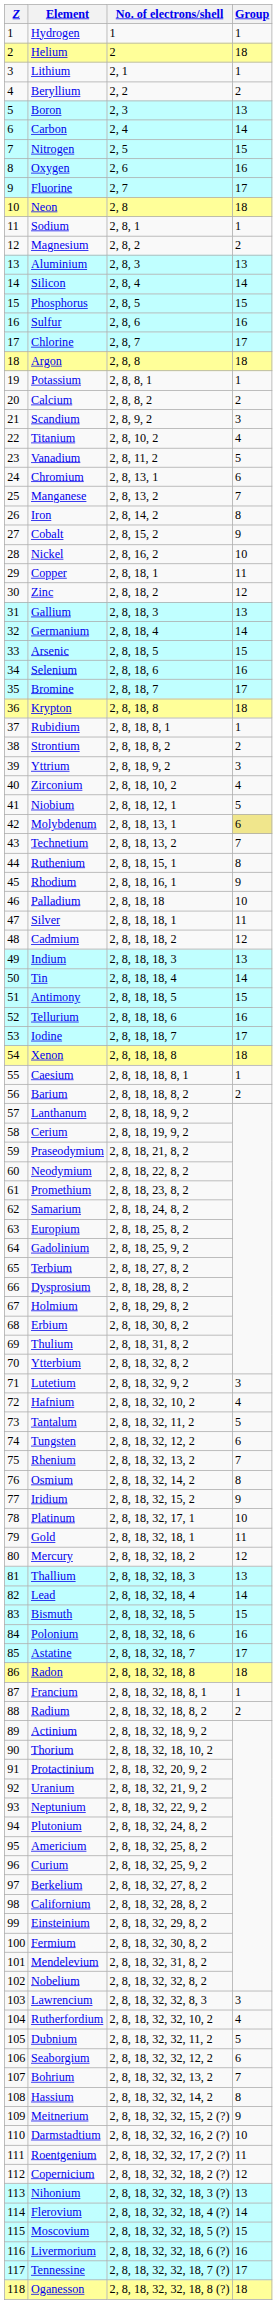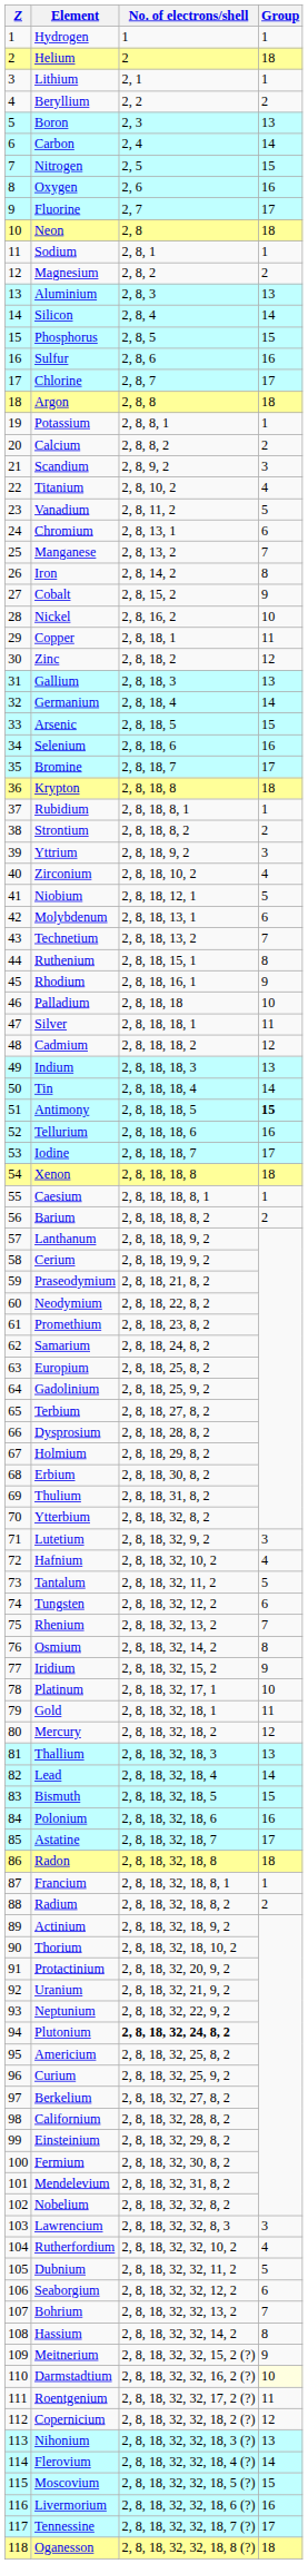 <table class="wikitable sortable">
 <tr>
 <th><a href='#'><em>Z</em></a></th>
 <th><a href='#'>Element</a></th>
 <th><a href='#'>No. of electrons/shell</a></th>
 <th><a href='#'>Group</a></th>
 </tr>
 <tr>
 <td>1</td>
 <td><a href='#'>Hydrogen</a></td>
 <td>1</td>
 <td>1</td>
 </tr>
 <tr style="background:#ff9;">
 <td>2</td>
 <td><a href='#'>Helium</a></td>
 <td>2</td>
 <td>18</td>
 </tr>
 <tr>
 <td>3</td>
 <td><a href='#'>Lithium</a></td>
 <td>2, 1</td>
 <td>1</td>
 </tr>
 <tr>
 <td>4</td>
 <td><a href='#'>Beryllium</a></td>
 <td>2, 2</td>
 <td>2</td>
 </tr>
 <tr style="background:#c0ffff;">
 <td>5</td>
 <td><a href='#'>Boron</a></td>
 <td>2, 3</td>
 <td>13</td>
 </tr>
 <tr style="background:#c0ffff;">
 <td>6</td>
 <td><a href='#'>Carbon</a></td>
 <td>2, 4</td>
 <td>14</td>
 </tr>
 <tr style="background:#c0ffff;">
 <td>7</td>
 <td><a href='#'>Nitrogen</a></td>
 <td>2, 5</td>
 <td>15</td>
 </tr>
 <tr style="background:#c0ffff;">
 <td>8</td>
 <td><a href='#'>Oxygen</a></td>
 <td>2, 6</td>
 <td>16</td>
 </tr>
 <tr style="background:#c0ffff;">
 <td>9</td>
 <td><a href='#'>Fluorine</a></td>
 <td>2, 7</td>
 <td>17</td>
 </tr>
 <tr style="background:#ff9;">
 <td>10</td>
 <td><a href='#'>Neon</a></td>
 <td>2, 8</td>
 <td>18</td>
 </tr>
 <tr>
 <td>11</td>
 <td><a href='#'>Sodium</a></td>
 <td>2, 8, 1</td>
 <td>1</td>
 </tr>
 <tr>
 <td>12</td>
 <td><a href='#'>Magnesium</a></td>
 <td>2, 8, 2</td>
 <td>2</td>
 </tr>
 <tr style="background:#c0ffff;">
 <td>13</td>
 <td><a href='#'>Aluminium</a></td>
 <td>2, 8, 3</td>
 <td>13</td>
 </tr>
 <tr style="background:#c0ffff;">
 <td>14</td>
 <td><a href='#'>Silicon</a></td>
 <td>2, 8, 4</td>
 <td>14</td>
 </tr>
 <tr style="background:#c0ffff;">
 <td>15</td>
 <td><a href='#'>Phosphorus</a></td>
 <td>2, 8, 5</td>
 <td>15</td>
 </tr>
 <tr style="background:#c0ffff;">
 <td>16</td>
 <td><a href='#'>Sulfur</a></td>
 <td>2, 8, 6</td>
 <td>16</td>
 </tr>
 <tr style="background:#c0ffff;">
 <td>17</td>
 <td><a href='#'>Chlorine</a></td>
 <td>2, 8, 7</td>
 <td>17</td>
 </tr>
 <tr style="background:#ff9;">
 <td>18</td>
 <td><a href='#'>Argon</a></td>
 <td>2, 8, 8</td>
 <td>18</td>
 </tr>
 <tr>
 <td>19</td>
 <td><a href='#'>Potassium</a></td>
 <td>2, 8, 8, 1</td>
 <td>1</td>
 </tr>
 <tr>
 <td>20</td>
 <td><a href='#'>Calcium</a></td>
 <td>2, 8, 8, 2</td>
 <td>2</td>
 </tr>
 <tr>
 <td>21</td>
 <td><a href='#'>Scandium</a></td>
 <td>2, 8, 9, 2</td>
 <td>3</td>
 </tr>
 <tr>
 <td>22</td>
 <td><a href='#'>Titanium</a></td>
 <td>2, 8, 10, 2</td>
 <td>4</td>
 </tr>
 <tr>
 <td>23</td>
 <td><a href='#'>Vanadium</a></td>
 <td>2, 8, 11, 2</td>
 <td>5</td>
 </tr>
 <tr>
 <td>24</td>
 <td><a href='#'>Chromium</a></td>
 <td>2, 8, 13, 1</td>
 <td>6</td>
 </tr>
 <tr>
 <td>25</td>
 <td><a href='#'>Manganese</a></td>
 <td>2, 8, 13, 2</td>
 <td>7</td>
 </tr>
 <tr>
 <td>26</td>
 <td><a href='#'>Iron</a></td>
 <td>2, 8, 14, 2</td>
 <td>8</td>
 </tr>
 <tr>
 <td>27</td>
 <td><a href='#'>Cobalt</a></td>
 <td>2, 8, 15, 2</td>
 <td>9</td>
 </tr>
 <tr>
 <td>28</td>
 <td><a href='#'>Nickel</a></td>
 <td>2, 8, 16, 2</td>
 <td>10</td>
 </tr>
 <tr>
 <td>29</td>
 <td><a href='#'>Copper</a></td>
 <td>2, 8, 18, 1</td>
 <td>11</td>
 </tr>
 <tr>
 <td>30</td>
 <td><a href='#'>Zinc</a></td>
 <td>2, 8, 18, 2</td>
 <td>12</td>
 </tr>
 <tr style="background:#c0ffff;">
 <td>31</td>
 <td><a href='#'>Gallium</a></td>
 <td>2, 8, 18, 3</td>
 <td>13</td>
 </tr>
 <tr style="background:#c0ffff;">
 <td>32</td>
 <td><a href='#'>Germanium</a></td>
 <td>2, 8, 18, 4</td>
 <td>14</td>
 </tr>
 <tr style="background:#c0ffff;">
 <td>33</td>
 <td><a href='#'>Arsenic</a></td>
 <td>2, 8, 18, 5</td>
 <td>15</td>
 </tr>
 <tr style="background:#c0ffff;">
 <td>34</td>
 <td><a href='#'>Selenium</a></td>
 <td>2, 8, 18, 6</td>
 <td>16</td>
 </tr>
 <tr style="background:#c0ffff;">
 <td>35</td>
 <td><a href='#'>Bromine</a></td>
 <td>2, 8, 18, 7</td>
 <td>17</td>
 </tr>
 <tr style="background:#ff9;">
 <td>36</td>
 <td><a href='#'>Krypton</a></td>
 <td>2, 8, 18, 8</td>
 <td>18</td>
 </tr>
 <tr>
 <td>37</td>
 <td><a href='#'>Rubidium</a></td>
 <td>2, 8, 18, 8, 1</td>
 <td>1</td>
 </tr>
 <tr>
 <td>38</td>
 <td><a href='#'>Strontium</a></td>
 <td>2, 8, 18, 8, 2</td>
 <td>2</td>
 </tr>
 <tr>
 <td>39</td>
 <td><a href='#'>Yttrium</a></td>
 <td>2, 8, 18, 9, 2</td>
 <td>3</td>
 </tr>
 <tr>
 <td>40</td>
 <td><a href='#'>Zirconium</a></td>
 <td>2, 8, 18, 10, 2</td>
 <td>4</td>
 </tr>
 <tr>
 <td>41</td>
 <td><a href='#'>Niobium</a></td>
 <td>2, 8, 18, 12, 1</td>
 <td>5</td>
 </tr>
 <tr>
 <td>42</td>
 <td><a href='#'>Molybdenum</a></td>
 <td>2, 8, 18, 13, 1</td>
-<td style="background: khaki;">6</td>
+<td>6</td>
 </tr>
 <tr>
 <td>43</td>
 <td><a href='#'>Technetium</a></td>
 <td>2, 8, 18, 13, 2</td>
 <td>7</td>
 </tr>
 <tr>
 <td>44</td>
 <td><a href='#'>Ruthenium</a></td>
 <td>2, 8, 18, 15, 1</td>
 <td>8</td>
 </tr>
 <tr>
 <td>45</td>
 <td><a href='#'>Rhodium</a></td>
 <td>2, 8, 18, 16, 1</td>
 <td>9</td>
 </tr>
 <tr>
 <td>46</td>
 <td><a href='#'>Palladium</a></td>
 <td>2, 8, 18, 18</td>
 <td>10</td>
 </tr>
 <tr>
 <td>47</td>
 <td><a href='#'>Silver</a></td>
 <td>2, 8, 18, 18, 1</td>
 <td>11</td>
 </tr>
 <tr>
 <td>48</td>
 <td><a href='#'>Cadmium</a></td>
 <td>2, 8, 18, 18, 2</td>
 <td>12</td>
 </tr>
 <tr style="background:#c0ffff;">
 <td>49</td>
 <td><a href='#'>Indium</a></td>
 <td>2, 8, 18, 18, 3</td>
 <td>13</td>
 </tr>
 <tr style="background:#c0ffff;">
 <td>50</td>
 <td><a href='#'>Tin</a></td>
 <td>2, 8, 18, 18, 4</td>
 <td>14</td>
 </tr>
 <tr style="background:#c0ffff;">
 <td>51</td>
 <td><a href='#'>Antimony</a></td>
 <td>2, 8, 18, 18, 5</td>
-<td>15</td>
+<td><strong>15</strong></td>
 </tr>
 <tr style="background:#c0ffff;">
 <td>52</td>
 <td><a href='#'>Tellurium</a></td>
 <td>2, 8, 18, 18, 6</td>
 <td>16</td>
 </tr>
 <tr style="background:#c0ffff;">
 <td>53</td>
 <td><a href='#'>Iodine</a></td>
 <td>2, 8, 18, 18, 7</td>
 <td>17</td>
 </tr>
 <tr style="background:#ff9;">
 <td>54</td>
 <td><a href='#'>Xenon</a></td>
 <td>2, 8, 18, 18, 8</td>
 <td>18</td>
 </tr>
 <tr>
 <td>55</td>
 <td><a href='#'>Caesium</a></td>
 <td>2, 8, 18, 18, 8, 1</td>
 <td>1</td>
 </tr>
 <tr>
 <td>56</td>
 <td><a href='#'>Barium</a></td>
 <td>2, 8, 18, 18, 8, 2</td>
 <td>2</td>
 </tr>
 <tr>
 <td>57</td>
 <td><a href='#'>Lanthanum</a></td>
 <td>2, 8, 18, 18, 9, 2</td>
 </tr>
 <tr>
 <td>58</td>
 <td><a href='#'>Cerium</a></td>
 <td>2, 8, 18, 19, 9, 2</td>
 </tr>
 <tr>
 <td>59</td>
 <td><a href='#'>Praseodymium</a></td>
 <td>2, 8, 18, 21, 8, 2</td>
 </tr>
 <tr>
 <td>60</td>
 <td><a href='#'>Neodymium</a></td>
 <td>2, 8, 18, 22, 8, 2</td>
 </tr>
 <tr>
 <td>61</td>
 <td><a href='#'>Promethium</a></td>
 <td>2, 8, 18, 23, 8, 2</td>
 </tr>
 <tr>
 <td>62</td>
 <td><a href='#'>Samarium</a></td>
 <td>2, 8, 18, 24, 8, 2</td>
 </tr>
 <tr>
 <td>63</td>
 <td><a href='#'>Europium</a></td>
 <td>2, 8, 18, 25, 8, 2</td>
 </tr>
 <tr>
 <td>64</td>
 <td><a href='#'>Gadolinium</a></td>
 <td>2, 8, 18, 25, 9, 2</td>
 </tr>
 <tr>
 <td>65</td>
 <td><a href='#'>Terbium</a></td>
 <td>2, 8, 18, 27, 8, 2</td>
 </tr>
 <tr>
 <td>66</td>
 <td><a href='#'>Dysprosium</a></td>
 <td>2, 8, 18, 28, 8, 2</td>
 </tr>
 <tr>
 <td>67</td>
 <td><a href='#'>Holmium</a></td>
 <td>2, 8, 18, 29, 8, 2</td>
 </tr>
 <tr>
 <td>68</td>
 <td><a href='#'>Erbium</a></td>
 <td>2, 8, 18, 30, 8, 2</td>
 </tr>
 <tr>
 <td>69</td>
 <td><a href='#'>Thulium</a></td>
 <td>2, 8, 18, 31, 8, 2</td>
 </tr>
 <tr>
 <td>70</td>
 <td><a href='#'>Ytterbium</a></td>
 <td>2, 8, 18, 32, 8, 2</td>
 </tr>
 <tr>
 <td>71</td>
 <td><a href='#'>Lutetium</a></td>
 <td>2, 8, 18, 32, 9, 2</td>
 <td>3</td>
 </tr>
 <tr>
 <td>72</td>
 <td><a href='#'>Hafnium</a></td>
 <td>2, 8, 18, 32, 10, 2</td>
 <td>4</td>
 </tr>
 <tr>
 <td>73</td>
 <td><a href='#'>Tantalum</a></td>
 <td>2, 8, 18, 32, 11, 2</td>
 <td>5</td>
 </tr>
 <tr>
 <td>74</td>
 <td><a href='#'>Tungsten</a></td>
 <td>2, 8, 18, 32, 12, 2</td>
 <td>6</td>
 </tr>
 <tr>
 <td>75</td>
 <td><a href='#'>Rhenium</a></td>
 <td>2, 8, 18, 32, 13, 2</td>
 <td>7</td>
 </tr>
 <tr>
 <td>76</td>
 <td><a href='#'>Osmium</a></td>
 <td>2, 8, 18, 32, 14, 2</td>
 <td>8</td>
 </tr>
 <tr>
 <td>77</td>
 <td><a href='#'>Iridium</a></td>
 <td>2, 8, 18, 32, 15, 2</td>
 <td>9</td>
 </tr>
 <tr>
 <td>78</td>
 <td><a href='#'>Platinum</a></td>
 <td>2, 8, 18, 32, 17, 1</td>
 <td>10</td>
 </tr>
 <tr>
 <td>79</td>
 <td><a href='#'>Gold</a></td>
 <td>2, 8, 18, 32, 18, 1</td>
 <td>11</td>
 </tr>
 <tr>
 <td>80</td>
 <td><a href='#'>Mercury</a></td>
 <td>2, 8, 18, 32, 18, 2</td>
 <td>12</td>
 </tr>
 <tr style="background:#c0ffff;">
 <td>81</td>
 <td><a href='#'>Thallium</a></td>
 <td>2, 8, 18, 32, 18, 3</td>
 <td>13</td>
 </tr>
 <tr style="background:#c0ffff;">
 <td>82</td>
 <td><a href='#'>Lead</a></td>
 <td>2, 8, 18, 32, 18, 4</td>
 <td>14</td>
 </tr>
 <tr style="background:#c0ffff;">
 <td>83</td>
 <td><a href='#'>Bismuth</a></td>
 <td>2, 8, 18, 32, 18, 5</td>
 <td>15</td>
 </tr>
 <tr style="background:#c0ffff;">
 <td>84</td>
 <td><a href='#'>Polonium</a></td>
 <td>2, 8, 18, 32, 18, 6</td>
 <td>16</td>
 </tr>
 <tr style="background:#c0ffff;">
 <td>85</td>
 <td><a href='#'>Astatine</a></td>
 <td>2, 8, 18, 32, 18, 7</td>
 <td>17</td>
 </tr>
 <tr style="background:#ff9;">
 <td>86</td>
 <td><a href='#'>Radon</a></td>
 <td>2, 8, 18, 32, 18, 8</td>
 <td>18</td>
 </tr>
 <tr>
 <td>87</td>
 <td><a href='#'>Francium</a></td>
 <td>2, 8, 18, 32, 18, 8, 1</td>
 <td>1</td>
 </tr>
 <tr>
 <td>88</td>
 <td><a href='#'>Radium</a></td>
 <td>2, 8, 18, 32, 18, 8, 2</td>
 <td>2</td>
 </tr>
 <tr>
 <td>89</td>
 <td><a href='#'>Actinium</a></td>
 <td>2, 8, 18, 32, 18, 9, 2</td>
 </tr>
 <tr>
 <td>90</td>
 <td><a href='#'>Thorium</a></td>
 <td>2, 8, 18, 32, 18, 10, 2</td>
 </tr>
 <tr>
 <td>91</td>
 <td><a href='#'>Protactinium</a></td>
 <td>2, 8, 18, 32, 20, 9, 2</td>
 </tr>
 <tr>
 <td>92</td>
 <td><a href='#'>Uranium</a></td>
 <td>2, 8, 18, 32, 21, 9, 2</td>
 </tr>
 <tr>
 <td>93</td>
 <td><a href='#'>Neptunium</a></td>
 <td>2, 8, 18, 32, 22, 9, 2</td>
 </tr>
 <tr>
 <td>94</td>
 <td><a href='#'>Plutonium</a></td>
-<td>2, 8, 18, 32, 24, 8, 2</td>
+<td><strong>2, 8, 18, 32, 24, 8, 2</strong></td>
 </tr>
 <tr>
 <td>95</td>
 <td><a href='#'>Americium</a></td>
 <td>2, 8, 18, 32, 25, 8, 2</td>
 </tr>
 <tr>
 <td>96</td>
 <td><a href='#'>Curium</a></td>
 <td>2, 8, 18, 32, 25, 9, 2</td>
 </tr>
 <tr>
 <td>97</td>
 <td><a href='#'>Berkelium</a></td>
 <td>2, 8, 18, 32, 27, 8, 2</td>
 </tr>
 <tr>
 <td>98</td>
 <td><a href='#'>Californium</a></td>
 <td>2, 8, 18, 32, 28, 8, 2</td>
 </tr>
 <tr>
 <td>99</td>
 <td><a href='#'>Einsteinium</a></td>
 <td>2, 8, 18, 32, 29, 8, 2</td>
 </tr>
 <tr>
 <td>100</td>
 <td><a href='#'>Fermium</a></td>
 <td>2, 8, 18, 32, 30, 8, 2</td>
 </tr>
 <tr>
 <td>101</td>
 <td><a href='#'>Mendelevium</a></td>
 <td>2, 8, 18, 32, 31, 8, 2</td>
 </tr>
 <tr>
 <td>102</td>
 <td><a href='#'>Nobelium</a></td>
 <td>2, 8, 18, 32, 32, 8, 2</td>
 </tr>
 <tr>
 <td>103</td>
 <td><a href='#'>Lawrencium</a></td>
 <td>2, 8, 18, 32, 32, 8, 3</td>
 <td>3</td>
 </tr>
 <tr>
 <td>104</td>
 <td><a href='#'>Rutherfordium</a></td>
 <td>2, 8, 18, 32, 32, 10, 2</td>
 <td>4</td>
 </tr>
 <tr>
 <td>105</td>
 <td><a href='#'>Dubnium</a></td>
 <td>2, 8, 18, 32, 32, 11, 2</td>
 <td>5</td>
 </tr>
 <tr>
 <td>106</td>
 <td><a href='#'>Seaborgium</a></td>
 <td>2, 8, 18, 32, 32, 12, 2</td>
 <td>6</td>
 </tr>
 <tr>
 <td>107</td>
 <td><a href='#'>Bohrium</a></td>
 <td>2, 8, 18, 32, 32, 13, 2</td>
 <td>7</td>
 </tr>
 <tr>
 <td>108</td>
 <td><a href='#'>Hassium</a></td>
 <td>2, 8, 18, 32, 32, 14, 2</td>
 <td>8</td>
 </tr>
 <tr>
 <td>109</td>
 <td><a href='#'>Meitnerium</a></td>
 <td>2, 8, 18, 32, 32, 15, 2 (?)</td>
 <td>9</td>
 </tr>
 <tr>
 <td>110</td>
 <td><a href='#'>Darmstadtium</a></td>
 <td>2, 8, 18, 32, 32, 16, 2 (?)</td>
-<td>10</td>
+<td style="background: lightyellow;">10</td>
 </tr>
 <tr>
 <td>111</td>
 <td><a href='#'>Roentgenium</a></td>
 <td>2, 8, 18, 32, 32, 17, 2 (?)</td>
 <td>11</td>
 </tr>
 <tr>
 <td>112</td>
 <td><a href='#'>Copernicium</a></td>
 <td>2, 8, 18, 32, 32, 18, 2 (?)</td>
 <td>12</td>
 </tr>
 <tr style="background:#c0ffff;">
 <td>113</td>
 <td><a href='#'>Nihonium</a></td>
 <td>2, 8, 18, 32, 32, 18, 3 (?)</td>
 <td>13</td>
 </tr>
 <tr style="background:#c0ffff;">
 <td>114</td>
 <td><a href='#'>Flerovium</a></td>
 <td>2, 8, 18, 32, 32, 18, 4 (?)</td>
 <td>14</td>
 </tr>
 <tr style="background:#c0ffff;">
 <td>115</td>
 <td><a href='#'>Moscovium</a></td>
 <td>2, 8, 18, 32, 32, 18, 5 (?)</td>
 <td>15</td>
 </tr>
 <tr style="background:#c0ffff;">
 <td>116</td>
 <td><a href='#'>Livermorium</a></td>
 <td>2, 8, 18, 32, 32, 18, 6 (?)</td>
 <td>16</td>
 </tr>
 <tr style="background:#c0ffff;">
 <td>117</td>
 <td><a href='#'>Tennessine</a></td>
 <td>2, 8, 18, 32, 32, 18, 7 (?)</td>
 <td>17</td>
 </tr>
 <tr style="background:#ff9;">
 <td>118</td>
 <td><a href='#'>Oganesson</a></td>
 <td>2, 8, 18, 32, 32, 18, 8 (?)</td>
 <td>18</td>
 </tr>
 </table>
